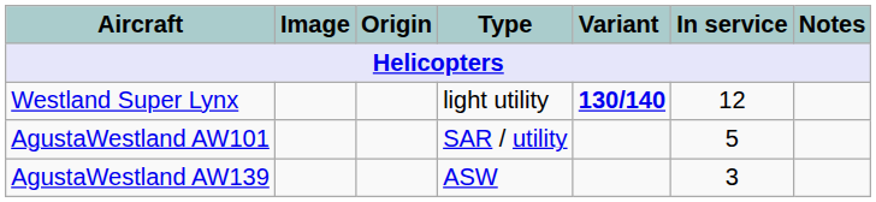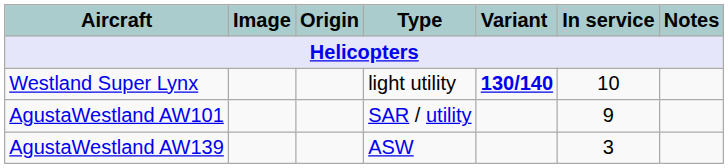 <table class="wikitable">
 <tr>
 <th style="text-align:center; background:#acc;">Aircraft</th>
 <th style="text-align:center; background:#acc;">Image</th>
 <th style="text-align: center; background:#acc;">Origin</th>
 <th style="text-align:l center; background:#acc;">Type</th>
 <th style="text-align:left; background:#acc;">Variant</th>
 <th style="text-align:center; background:#acc;">In service</th>
 <th style="text-align: center; background:#acc;">Notes</th>
 </tr>
 <tr>
 <th colspan="8" style="align: center; background: lavender;"><a href='#'>Helicopters</a></th>
 </tr>
 <tr>
 <td><a href='#'>Westland Super Lynx</a></td>
 <td></td>
 <td></td>
 <td>light utility</td>
 <td><strong><a href='#'>130/140</a></strong></td>
-<td align=center>12</td>
+<td align=center>10</td>
 <td></td>
 </tr>
 <tr>
 <td><a href='#'>AgustaWestland AW101</a></td>
 <td></td>
 <td><br></td>
 <td><a href='#'>SAR</a> / <a href='#'>utility</a></td>
 <td></td>
-<td align=center>5</td>
+<td align=center>9</td>
 <td></td>
 </tr>
 <tr>
 <td><a href='#'>AgustaWestland AW139</a></td>
 <td></td>
 <td></td>
 <td><a href='#'>ASW</a></td>
 <td></td>
 <td align=center>3</td>
 <td></td>
 </tr>
 </table>
